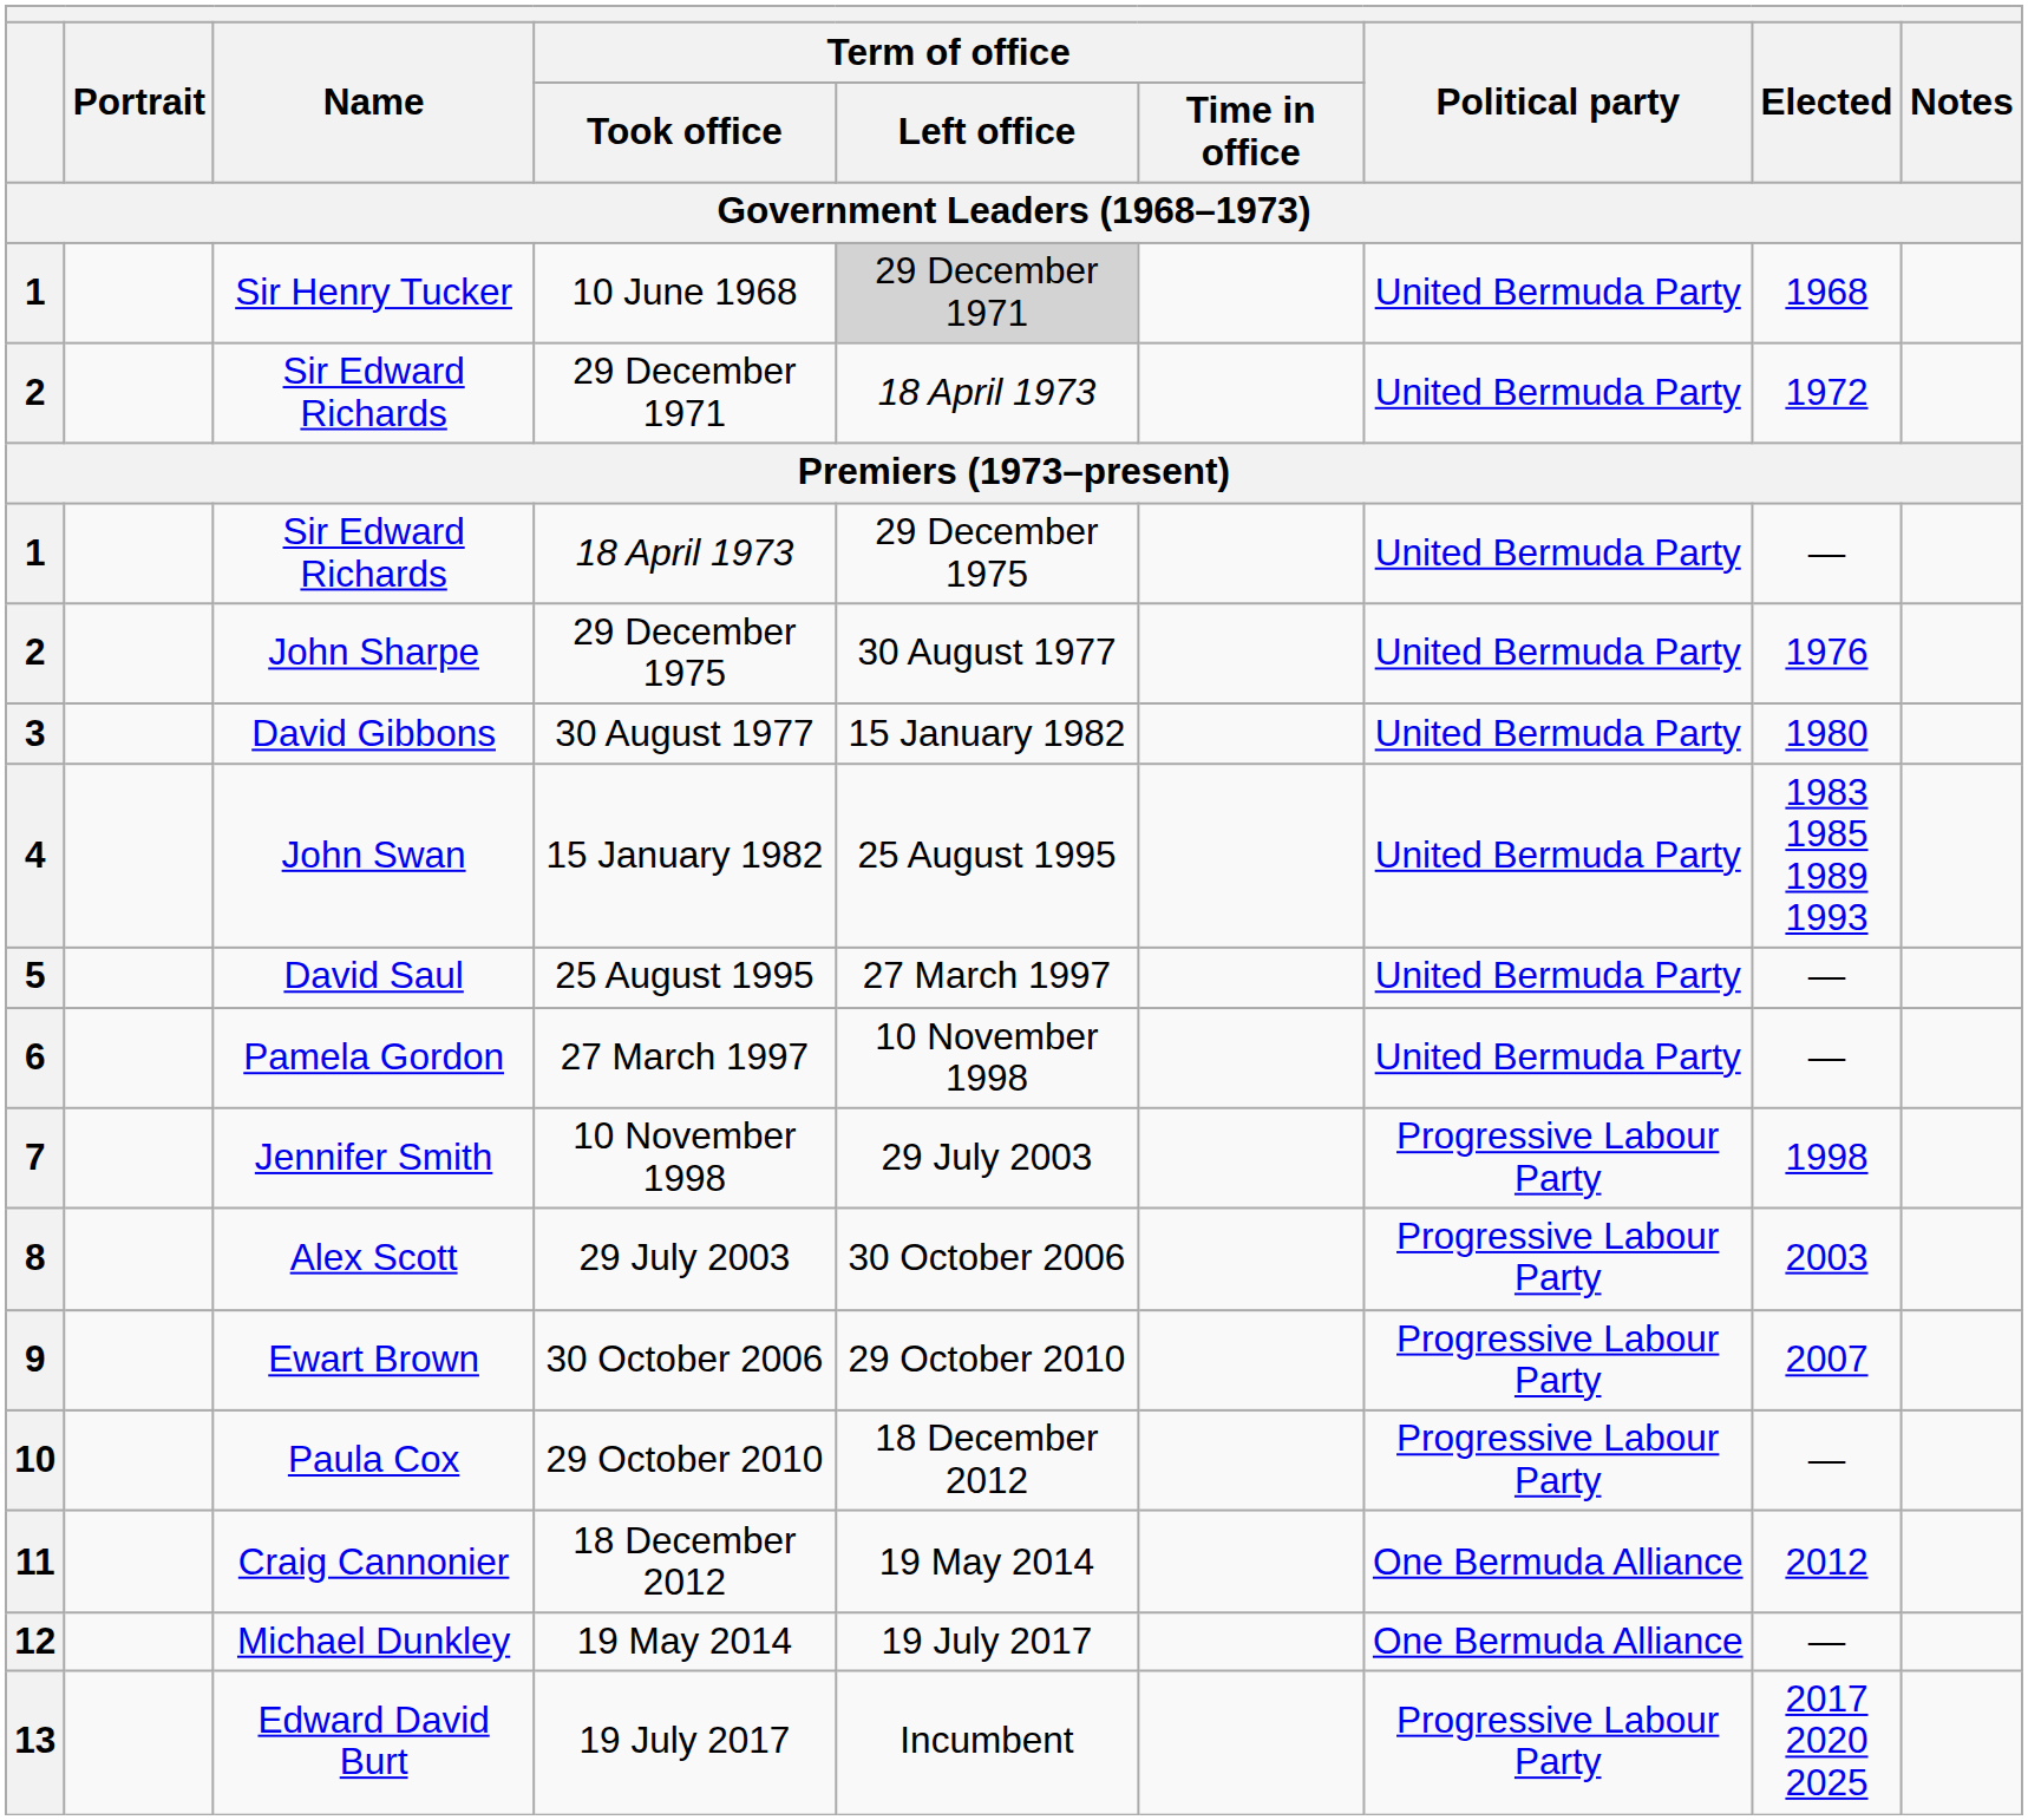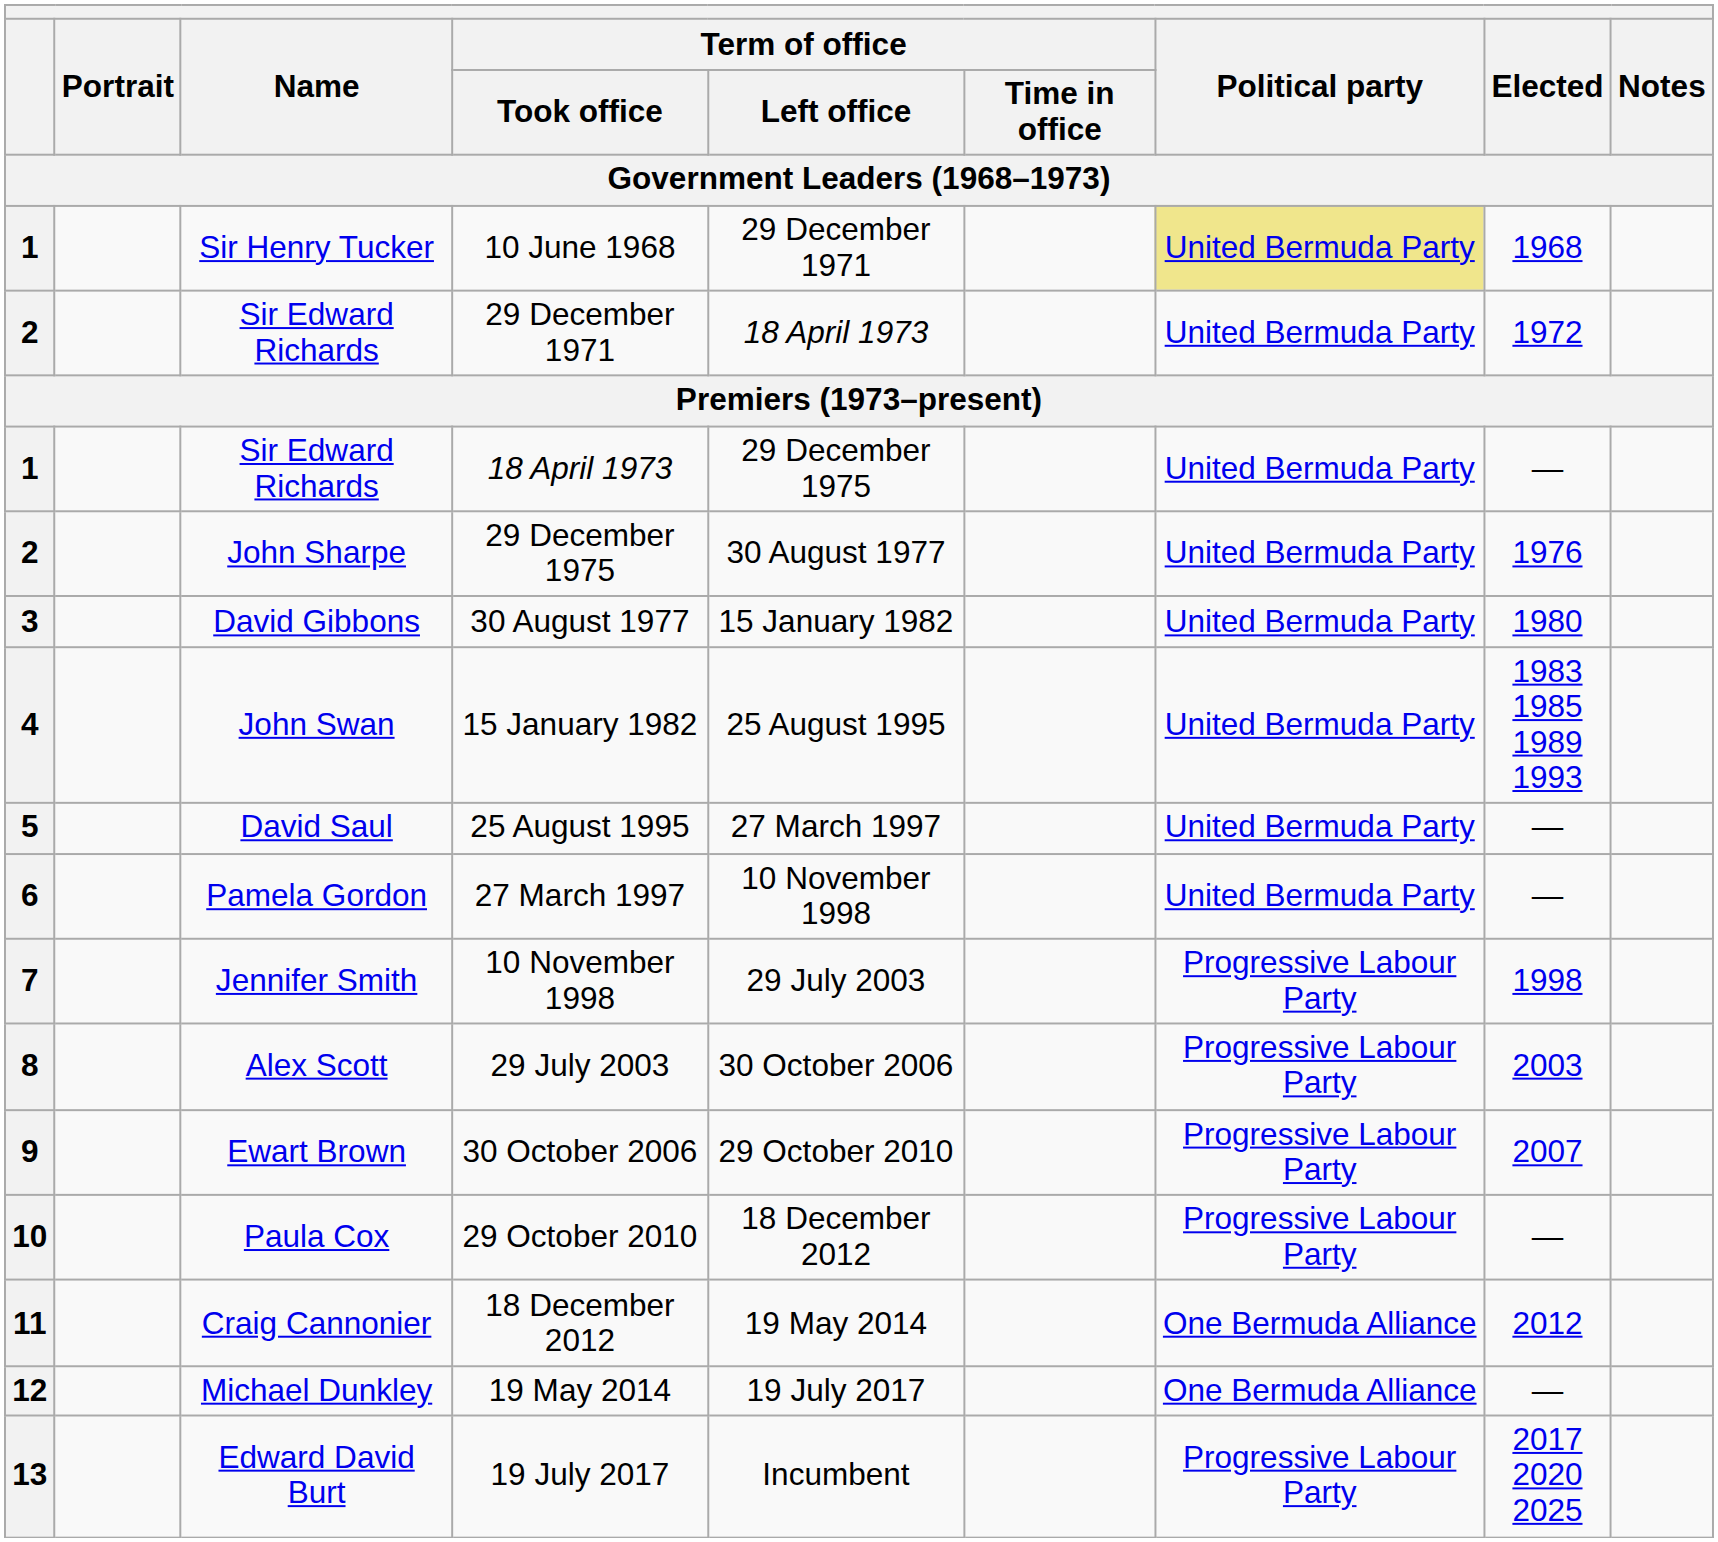 <table class="wikitable" style="text-align:center">
 <tr>
 <th colspan="9">  </th>
 </tr>
 <tr align=center bgcolor=#ebebeb>
 <th rowspan=2></th>
 <th rowspan=2>Portrait</th>
 <th rowspan=2>Name<br></th>
 <th colspan=3>Term of office</th>
 <th rowspan=2>Political party</th>
 <th rowspan=2>Elected</th>
 <th rowspan=2>Notes</th>
 </tr>
 <tr align=center bgcolor=#ebebeb>
 <th>Took office</th>
 <th>Left office</th>
 <th>Time in office</th>
 </tr>
 <tr>
 <th colspan="9">Government Leaders (1968–1973)</th>
 </tr>
 <tr>
 <th style="background:">1</th>
 <td></td>
 <td><a href='#'>Sir Henry Tucker</a><br></td>
 <td>10 June 1968</td>
-<td style="background: lightgrey;">29 December 1971</td>
+<td>29 December 1971</td>
 <td></td>
-<td><a href='#'>United Bermuda Party</a></td>
+<td style="background: khaki;"><a href='#'>United Bermuda Party</a></td>
 <td><a href='#'>1968</a></td>
 <td></td>
 </tr>
 <tr>
 <th style="background:">2</th>
 <td></td>
 <td><a href='#'>Sir Edward Richards</a><br></td>
 <td>29 December 1971</td>
 <td><em>18 April 1973</em></td>
 <td></td>
 <td><a href='#'>United Bermuda Party</a></td>
 <td><a href='#'>1972</a></td>
 <td></td>
 </tr>
 <tr>
 <th colspan="9">Premiers (1973–present)</th>
 </tr>
 <tr>
 <th style="background:">1</th>
 <td></td>
 <td><a href='#'>Sir Edward Richards</a><br></td>
 <td><em>18 April 1973</em></td>
 <td>29 December 1975</td>
 <td></td>
 <td><a href='#'>United Bermuda Party</a></td>
 <td>—</td>
 <td></td>
 </tr>
 <tr>
 <th style="background:">2</th>
 <td></td>
 <td><a href='#'>John Sharpe</a><br></td>
 <td>29 December 1975</td>
 <td>30 August 1977</td>
 <td></td>
 <td><a href='#'>United Bermuda Party</a></td>
 <td><a href='#'>1976</a></td>
 <td></td>
 </tr>
 <tr>
 <th style="background:">3</th>
 <td></td>
 <td><a href='#'>David Gibbons</a><br></td>
 <td>30 August 1977</td>
 <td>15 January 1982</td>
 <td></td>
 <td><a href='#'>United Bermuda Party</a></td>
 <td><a href='#'>1980</a></td>
 <td></td>
 </tr>
 <tr>
 <th style="background:">4</th>
 <td></td>
 <td><a href='#'>John Swan</a><br></td>
 <td>15 January 1982</td>
 <td>25 August 1995</td>
 <td></td>
 <td><a href='#'>United Bermuda Party</a></td>
 <td><a href='#'>1983</a><br><a href='#'>1985</a><br><a href='#'>1989</a><br><a href='#'>1993</a></td>
 <td></td>
 </tr>
 <tr>
 <th style="background:">5</th>
 <td></td>
 <td><a href='#'>David Saul</a><br></td>
 <td>25 August 1995</td>
 <td>27 March 1997</td>
 <td></td>
 <td><a href='#'>United Bermuda Party</a></td>
 <td>—</td>
 <td></td>
 </tr>
 <tr>
 <th style="background:">6</th>
 <td></td>
 <td><a href='#'>Pamela Gordon</a><br></td>
 <td>27 March 1997</td>
 <td>10 November 1998</td>
 <td></td>
 <td><a href='#'>United Bermuda Party</a></td>
 <td>—</td>
 <td></td>
 </tr>
 <tr>
 <th style="background:">7</th>
 <td></td>
 <td><a href='#'>Jennifer Smith</a><br></td>
 <td>10 November 1998</td>
 <td>29 July 2003</td>
 <td></td>
 <td><a href='#'>Progressive Labour Party</a></td>
 <td><a href='#'>1998</a></td>
 <td></td>
 </tr>
 <tr>
 <th style="background:">8</th>
 <td></td>
 <td><a href='#'>Alex Scott</a><br></td>
 <td>29 July 2003</td>
 <td>30 October 2006</td>
 <td></td>
 <td><a href='#'>Progressive Labour Party</a></td>
 <td><a href='#'>2003</a></td>
 <td></td>
 </tr>
 <tr>
 <th style="background:">9</th>
 <td></td>
 <td><a href='#'>Ewart Brown</a><br></td>
 <td>30 October 2006</td>
 <td>29 October 2010</td>
 <td></td>
 <td><a href='#'>Progressive Labour Party</a></td>
 <td><a href='#'>2007</a></td>
 <td></td>
 </tr>
 <tr>
 <th style="background:">10</th>
 <td></td>
 <td><a href='#'>Paula Cox</a><br></td>
 <td>29 October 2010</td>
 <td>18 December 2012</td>
 <td></td>
 <td><a href='#'>Progressive Labour Party</a></td>
 <td>—</td>
 <td></td>
 </tr>
 <tr>
 <th style="background:">11</th>
 <td></td>
 <td><a href='#'>Craig Cannonier</a><br></td>
 <td>18 December 2012</td>
 <td>19 May 2014</td>
 <td></td>
 <td><a href='#'>One Bermuda Alliance</a></td>
 <td><a href='#'>2012</a></td>
 <td></td>
 </tr>
 <tr>
 <th style="background:">12</th>
 <td></td>
 <td><a href='#'>Michael Dunkley</a><br></td>
 <td>19 May 2014</td>
 <td>19 July 2017</td>
 <td></td>
 <td><a href='#'>One Bermuda Alliance</a></td>
 <td>—</td>
 <td></td>
 </tr>
 <tr>
 <th style="background:">13</th>
 <td></td>
 <td><a href='#'>Edward David Burt</a><br></td>
 <td>19 July 2017</td>
 <td>Incumbent</td>
 <td></td>
 <td><a href='#'>Progressive Labour Party</a></td>
 <td><a href='#'>2017</a><br><a href='#'>2020</a><br><a href='#'>2025</a></td>
 <td></td>
 </tr>
 </table>
